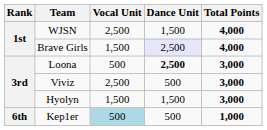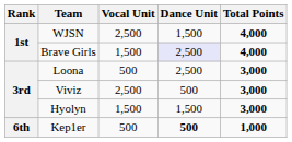 <table class="wikitable plainrowheaders sortable" style="text-align:center">
 <tr>
 <th scope="col">Rank</th>
 <th scope="col">Team</th>
 <th scope="col">Vocal Unit</th>
 <th scope="col">Dance Unit</th>
 <th scope="col">Total Points</th>
 </tr>
 <tr>
 <th scope="row" rowspan="2" style="text-align:center"><strong>1st</strong></th>
 <td>WJSN</td>
 <td>2,500</td>
 <td>1,500</td>
 <td><strong>4,000</strong></td>
 </tr>
 <tr>
 <td>Brave Girls</td>
 <td>1,500</td>
 <td style="background: lavender;">2,500</td>
 <td><strong>4,000</strong></td>
 </tr>
 <tr>
 <th scope="row" rowspan="3" style="text-align:center"><strong>3rd</strong></th>
 <td>Loona</td>
 <td>500</td>
-<td><strong>2,500</strong></td>
+<td>2,500</td>
 <td><strong>3,000</strong></td>
 </tr>
 <tr>
 <td>Viviz</td>
 <td>2,500</td>
 <td>500</td>
 <td><strong>3,000</strong></td>
 </tr>
 <tr>
 <td>Hyolyn</td>
 <td>1,500</td>
 <td>1,500</td>
 <td><strong>3,000</strong></td>
 </tr>
 <tr>
 <th scope="row" style="text-align:center"><strong>6th</strong></th>
 <td>Kep1er</td>
-<td style="background: lightblue;">500</td>
 <td>500</td>
+<td><strong>500</strong></td>
 <td><strong>1,000</strong></td>
 </tr>
 </table>
